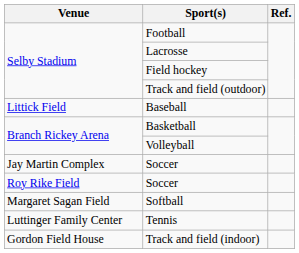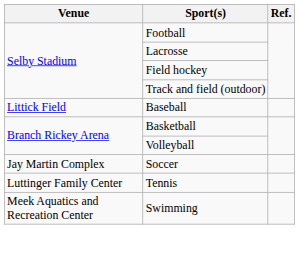 <table class= wikitable>
 <tr>
 <th width=180px>Venue</th>
 <th width=px>Sport(s)</th>
 <th width=px>Ref.</th>
 </tr>
 <tr>
 <td rowspan=4><a href='#'>Selby Stadium</a></td>
 <td>Football</td>
 <td rowspan=4></td>
 </tr>
 <tr>
 <td>Lacrosse</td>
 </tr>
 <tr>
 <td>Field hockey</td>
 </tr>
 <tr>
 <td>Track and field (outdoor) </td>
 </tr>
 <tr>
 <td><a href='#'>Littick Field</a></td>
 <td>Baseball</td>
 <td></td>
 </tr>
 <tr>
 <td rowspan=2><a href='#'>Branch Rickey Arena</a></td>
 <td>Basketball</td>
 <td rowspan=2></td>
 </tr>
 <tr>
 <td>Volleyball</td>
 </tr>
 <tr>
 <td>Jay Martin Complex</td>
 <td>Soccer</td>
 <td></td>
 </tr>
 <tr>
-<td><a href='#'>Roy Rike Field</a></td>
-<td>Soccer </td>
-<td></td>
-</tr>
-<tr>
-<td>Margaret Sagan Field</td>
-<td>Softball</td>
-<td></td>
-</tr>
-<tr>
 <td>Luttinger Family Center</td>
 <td>Tennis</td>
 <td></td>
 </tr>
 <tr>
-<td>Gordon Field House</td>
-<td>Track and field (indoor)</td>
+<td>Meek Aquatics and Recreation Center</td>
+<td>Swimming</td>
 <td></td>
 </tr>
 </table>
